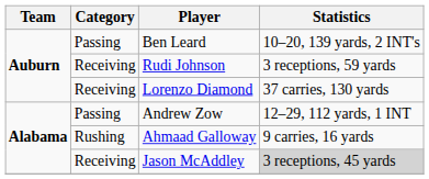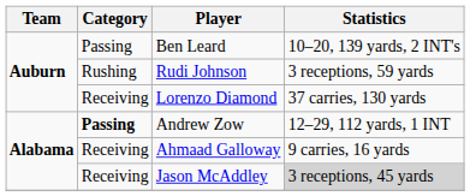 <table class="wikitable" style="float: right;">
 <tr>
 <th>Team</th>
 <th>Category</th>
 <th>Player</th>
 <th>Statistics</th>
 </tr>
 <tr>
 <td rowspan=3><strong>Auburn</strong></td>
 <td>Passing</td>
 <td>Ben Leard</td>
 <td>10–20, 139 yards, 2 INT's</td>
 </tr>
 <tr>
-<td>Receiving</td>
+<td>Rushing</td>
 <td><a href='#'>Rudi Johnson</a></td>
 <td>3 receptions, 59 yards</td>
 </tr>
 <tr>
 <td>Receiving</td>
 <td><a href='#'>Lorenzo Diamond</a></td>
 <td>37 carries, 130 yards</td>
 </tr>
 <tr>
 <td rowspan=3><strong>Alabama</strong></td>
-<td>Passing</td>
+<td><strong>Passing</strong></td>
 <td>Andrew Zow</td>
 <td>12–29, 112 yards, 1 INT</td>
 </tr>
 <tr>
-<td>Rushing</td>
+<td>Receiving</td>
 <td><a href='#'>Ahmaad Galloway</a></td>
 <td>9 carries, 16 yards</td>
 </tr>
 <tr>
 <td>Receiving</td>
 <td><a href='#'>Jason McAddley</a></td>
 <td style="background: lightgrey;">3 receptions, 45 yards</td>
 </tr>
 <tr>
 </tr>
 </table>
